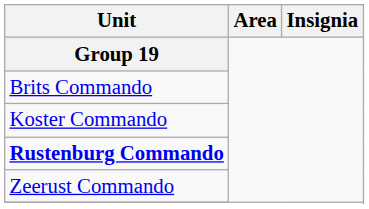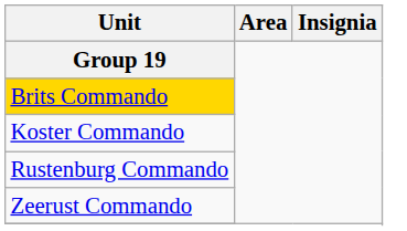 <table class="wikitable">
 <tr>
 <th>Unit</th>
 <th>Area</th>
 <th>Insignia</th>
 </tr>
 <tr>
 <th>Group 19</th>
 </tr>
 <tr>
-<td><a href='#'>Brits Commando</a></td>
+<td style="background: gold;"><a href='#'>Brits Commando</a></td>
 </tr>
 <tr>
 <td><a href='#'>Koster Commando</a></td>
 </tr>
 <tr>
-<td><strong><a href='#'>Rustenburg Commando</a></strong></td>
+<td><a href='#'>Rustenburg Commando</a></td>
 </tr>
 <tr>
 <td><a href='#'>Zeerust Commando</a></td>
 </tr>
 <tr>
 </tr>
 </table>
